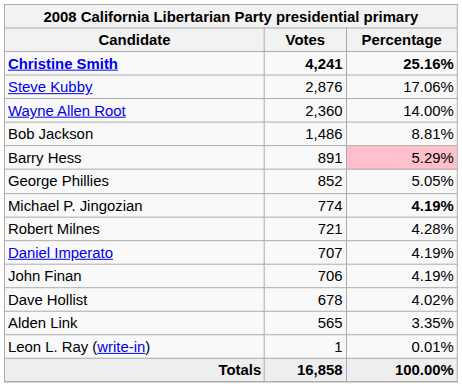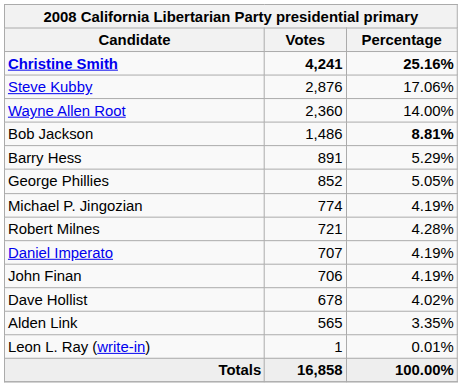 <table class="wikitable" style="font-size: 95%;">
 <tr>
 <th colspan="4">2008 California Libertarian Party presidential primary</th>
 </tr>
 <tr>
 <th style="width: 17em">Candidate</th>
 <th style="width: 5em">Votes</th>
 <th style="width: 7em">Percentage</th>
 </tr>
 <tr>
 <td><strong><a href='#'>Christine Smith</a></strong></td>
 <td align="right"><strong>4,241</strong></td>
 <td align="right"><strong>25.16%</strong></td>
 </tr>
 <tr>
 <td><a href='#'>Steve Kubby</a></td>
 <td align="right">2,876</td>
 <td align="right">17.06%</td>
 </tr>
 <tr>
 <td><a href='#'>Wayne Allen Root</a></td>
 <td align="right">2,360</td>
 <td align="right">14.00%</td>
 </tr>
 <tr>
 <td>Bob Jackson</td>
 <td align="right">1,486</td>
-<td align="right">8.81%</td>
+<td align="right"><strong>8.81%</strong></td>
 </tr>
 <tr>
 <td>Barry Hess</td>
 <td align="right">891</td>
-<td align="right" style="background: pink;">5.29%</td>
+<td align="right">5.29%</td>
 </tr>
 <tr>
 <td>George Phillies</td>
 <td align="right">852</td>
 <td align="right">5.05%</td>
 </tr>
 <tr>
 <td>Michael P. Jingozian</td>
 <td align="right">774</td>
-<td align="right"><strong>4.19%</strong></td>
+<td align="right">4.19%</td>
 </tr>
 <tr>
 <td>Robert Milnes</td>
 <td align="right">721</td>
 <td align="right">4.28%</td>
 </tr>
 <tr>
 <td><a href='#'>Daniel Imperato</a></td>
 <td align="right">707</td>
 <td align="right">4.19%</td>
 </tr>
 <tr>
 <td>John Finan</td>
 <td align="right">706</td>
 <td align="right">4.19%</td>
 </tr>
 <tr>
 <td>Dave Hollist</td>
 <td align="right">678</td>
 <td align="right">4.02%</td>
 </tr>
 <tr>
 <td>Alden Link</td>
 <td align="right">565</td>
 <td align="right">3.35%</td>
 </tr>
 <tr>
 <td>Leon L. Ray (<a href='#'>write-in</a>)</td>
 <td align="right">1</td>
 <td align="right">0.01%</td>
 </tr>
 <tr bgcolor="#EEEEEE">
 <td align="right"><strong>Totals</strong></td>
 <td align="right"><strong>16,858</strong></td>
 <td align="right"><strong>100.00%</strong></td>
 </tr>
 <tr>
 </tr>
 </table>
